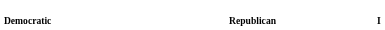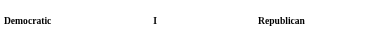 <table style="width:50em; text-align:center">
 <tr style="color:white">
 <td style="background:"><strong>48</strong></td>
+<td style="background:"><strong>1</strong></td>
 <td style="background:"><strong>47</strong></td>
-<td style="background:"><strong>1</strong></td>
 </tr>
 <tr>
 <td><span><strong>Democratic</strong></span></td>
+<td><strong>I</strong></td>
 <td><span><strong>Republican</strong></span></td>
-<td><strong>I</strong></td>
 </tr>
 </table>
